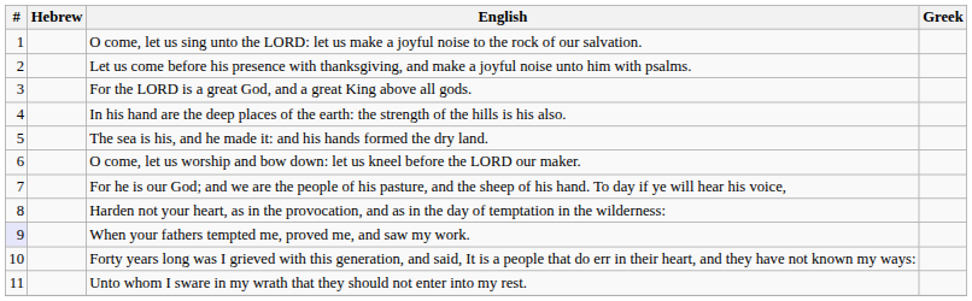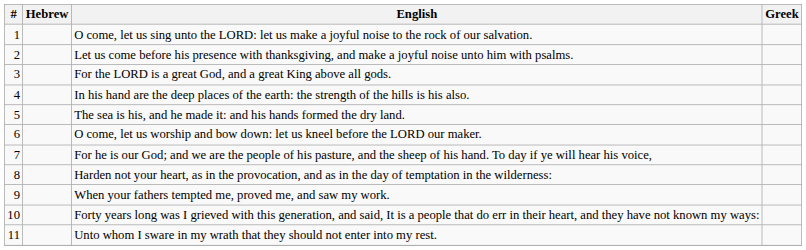 <table class=wikitable>
 <tr>
 <th>#</th>
 <th>Hebrew</th>
 <th>English</th>
 <th>Greek</th>
 </tr>
 <tr>
 <td style="text-align:right">1</td>
 <td style="text-align:right"></td>
 <td>O come, let us sing unto the LORD: let us make a joyful noise to the rock of our salvation.</td>
 <td></td>
 </tr>
 <tr>
 <td style="text-align:right">2</td>
 <td style="text-align:right"></td>
 <td>Let us come before his presence with thanksgiving, and make a joyful noise unto him with psalms.</td>
 <td></td>
 </tr>
 <tr>
 <td style="text-align:right">3</td>
 <td style="text-align:right"></td>
 <td>For the LORD is a great God, and a great King above all gods.</td>
 <td></td>
 </tr>
 <tr>
 <td style="text-align:right">4</td>
 <td style="text-align:right"></td>
 <td>In his hand are the deep places of the earth: the strength of the hills is his also.</td>
 <td></td>
 </tr>
 <tr>
 <td style="text-align:right">5</td>
 <td style="text-align:right"></td>
 <td>The sea is his, and he made it: and his hands formed the dry land.</td>
 <td></td>
 </tr>
 <tr>
 <td style="text-align:right">6</td>
 <td style="text-align:right"></td>
 <td>O come, let us worship and bow down: let us kneel before the LORD our maker.</td>
 <td></td>
 </tr>
 <tr>
 <td style="text-align:right">7</td>
 <td style="text-align:right"></td>
 <td>For he is our God; and we are the people of his pasture, and the sheep of his hand. To day if ye will hear his voice,</td>
 <td></td>
 </tr>
 <tr>
 <td style="text-align:right">8</td>
 <td style="text-align:right"></td>
 <td>Harden not your heart, as in the provocation, and as in the day of temptation in the wilderness:</td>
 <td></td>
 </tr>
 <tr>
-<td style="background: lavender; text-align:right">9</td>
+<td style="text-align:right">9</td>
 <td style="text-align:right"></td>
 <td>When your fathers tempted me, proved me, and saw my work.</td>
 <td></td>
 </tr>
 <tr>
 <td style="text-align:right">10</td>
 <td style="text-align:right"></td>
 <td>Forty years long was I grieved with this generation, and said, It is a people that do err in their heart, and they have not known my ways:</td>
 <td></td>
 </tr>
 <tr>
 <td style="text-align:right">11</td>
 <td style="text-align:right"></td>
 <td>Unto whom I sware in my wrath that they should not enter into my rest.</td>
 <td></td>
 </tr>
 <tr>
 </tr>
 </table>
